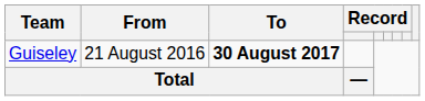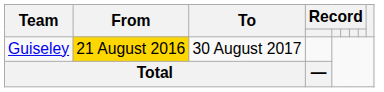 <table class=wikitable style="text-align: center">
 <tr>
 <th rowspan=2>Team</th>
 <th rowspan=2>From</th>
 <th rowspan=2>To</th>
 <th colspan=5>Record</th>
 <th rowspan=2></th>
 </tr>
 <tr>
 <th></th>
 <th></th>
 <th></th>
 <th></th>
 <th></th>
 </tr>
 <tr>
 <td align=left><a href='#'>Guiseley</a></td>
-<td align=left>21 August 2016</td>
-<td align=left><strong>30 August 2017<br></strong></td>
+<td align=left style="background: gold;">21 August 2016</td>
+<td align=left>30 August 2017<br></td>
 <td></td>
 </tr>
 <tr>
 <th colspan=3>Total<br></th>
 <th>—</th>
 </tr>
 </table>
